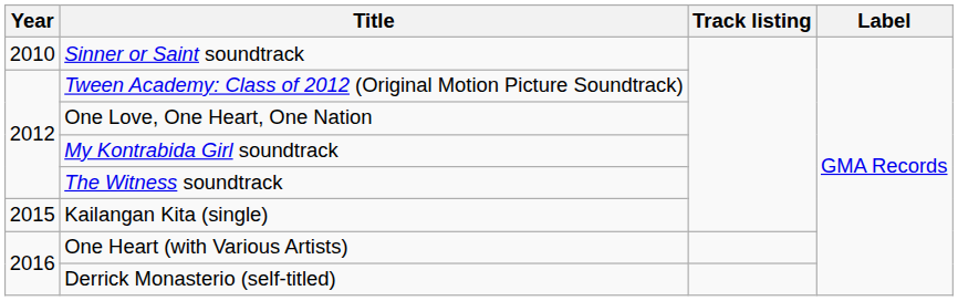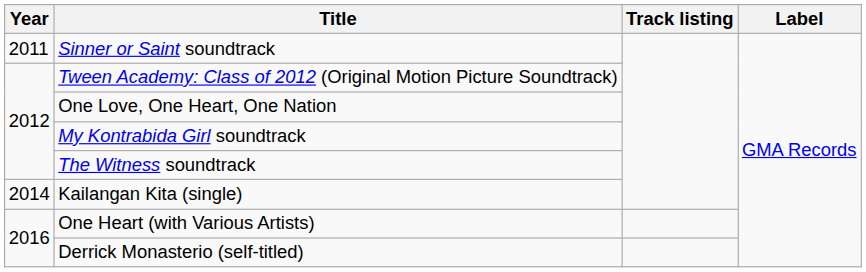 <table class="wikitable sortable">
 <tr>
 <th>Year</th>
 <th>Title</th>
 <th>Track listing</th>
 <th>Label</th>
 </tr>
 <tr>
-<td>2010</td>
+<td>2011</td>
 <td><em><a href='#'>Sinner or Saint</a></em> soundtrack</td>
 <td rowspan="6"></td>
 <td rowspan="8"><a href='#'>GMA Records</a></td>
 </tr>
 <tr>
 <td rowspan="4">2012</td>
 <td><em><a href='#'>Tween Academy: Class of 2012</a></em> (Original Motion Picture Soundtrack)</td>
 </tr>
 <tr>
 <td>One Love, One Heart, One Nation</td>
 </tr>
 <tr>
 <td><em><a href='#'>My Kontrabida Girl</a></em> soundtrack</td>
 </tr>
 <tr>
 <td><em><a href='#'>The Witness</a></em> soundtrack</td>
 </tr>
 <tr>
-<td>2015</td>
+<td>2014</td>
 <td>Kailangan Kita (single)</td>
 </tr>
 <tr>
 <td rowspan="2">2016</td>
 <td>One Heart (with Various Artists)</td>
 <td></td>
 </tr>
 <tr>
 <td>Derrick Monasterio (self-titled)</td>
 <td !align="left" style="font-size: 90%; align:left;"></td>
 </tr>
 </table>
